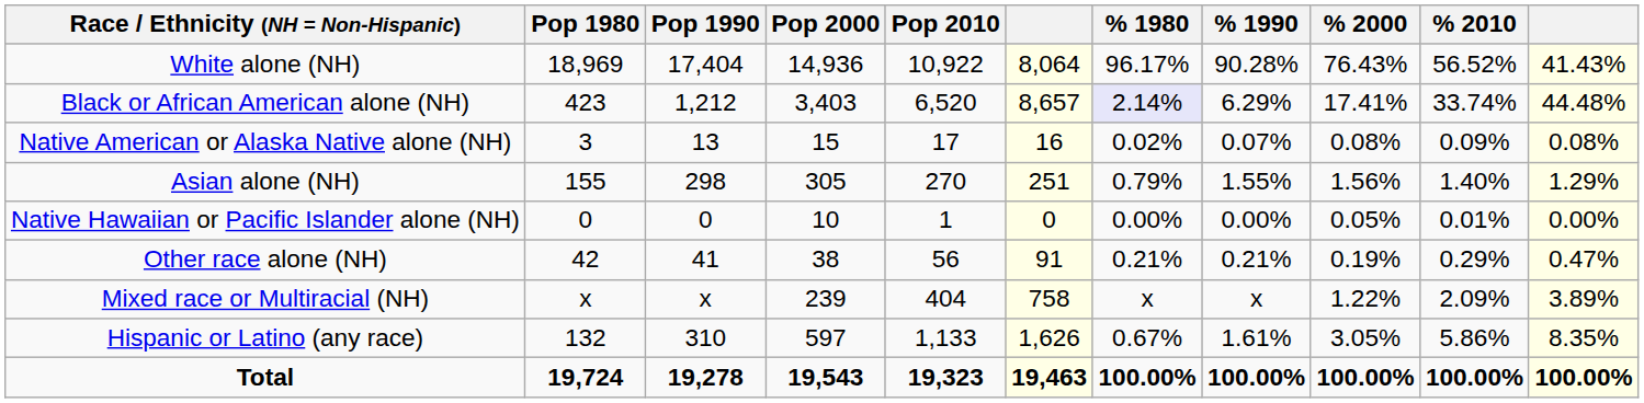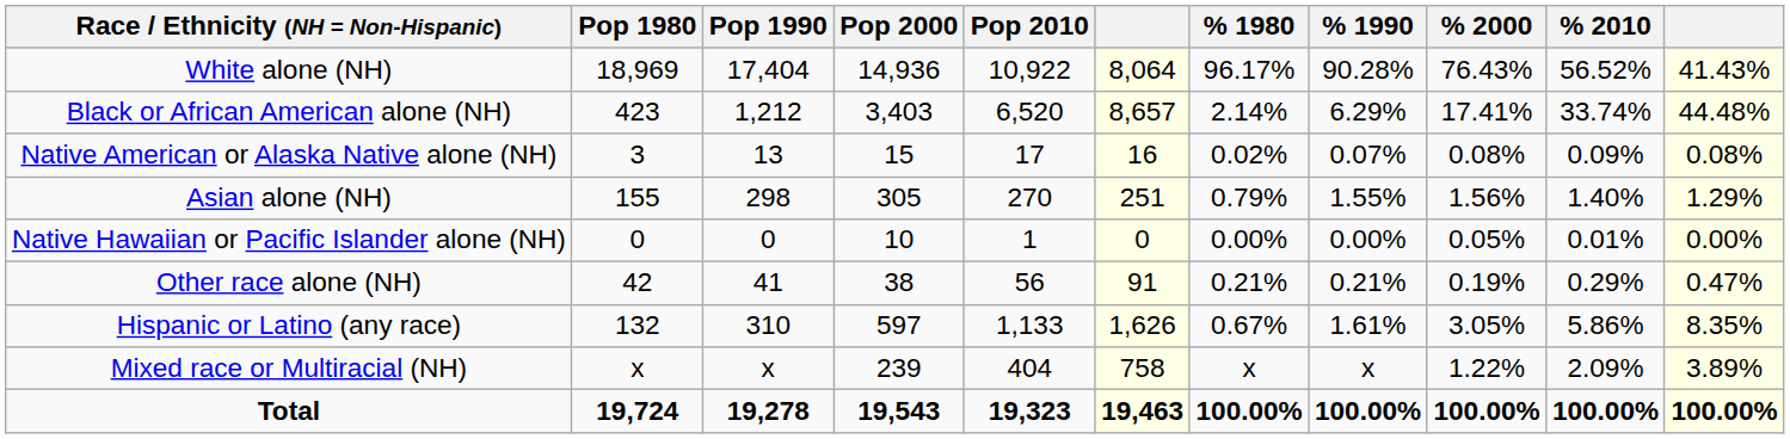 <table class="wikitable" style="text-align:center;">
 <tr>
 <th>Race / Ethnicity <small>(<em>NH = Non-Hispanic</em>)</small></th>
 <th>Pop 1980</th>
 <th>Pop 1990</th>
 <th>Pop 2000</th>
 <th>Pop 2010</th>
 <th></th>
 <th>% 1980</th>
 <th>% 1990</th>
 <th>% 2000</th>
 <th>% 2010</th>
 <th></th>
 </tr>
 <tr>
 <td><a href='#'>White</a> alone (NH)</td>
 <td>18,969</td>
 <td>17,404</td>
 <td>14,936</td>
 <td>10,922</td>
 <td style='background: #ffffe6;'>8,064</td>
 <td>96.17%</td>
 <td>90.28%</td>
 <td>76.43%</td>
 <td>56.52%</td>
 <td style='background: #ffffe6;'>41.43%</td>
 </tr>
 <tr>
 <td><a href='#'>Black or African American</a> alone (NH)</td>
 <td>423</td>
 <td>1,212</td>
 <td>3,403</td>
 <td>6,520</td>
 <td style='background: #ffffe6;'>8,657</td>
-<td style="background: lavender;">2.14%</td>
+<td>2.14%</td>
 <td>6.29%</td>
 <td>17.41%</td>
 <td>33.74%</td>
 <td style='background: #ffffe6;'>44.48%</td>
 </tr>
 <tr>
 <td><a href='#'>Native American</a> or <a href='#'>Alaska Native</a> alone (NH)</td>
 <td>3 </td>
 <td>13</td>
 <td>15</td>
 <td>17</td>
 <td style='background: #ffffe6;'>16</td>
 <td>0.02%</td>
 <td>0.07%</td>
 <td>0.08%</td>
 <td>0.09%</td>
 <td style='background: #ffffe6;'>0.08%</td>
 </tr>
 <tr>
 <td><a href='#'>Asian</a> alone (NH)</td>
 <td>155 </td>
 <td>298</td>
 <td>305</td>
 <td>270</td>
 <td style='background: #ffffe6;'>251</td>
 <td>0.79%</td>
 <td>1.55%</td>
 <td>1.56%</td>
 <td>1.40%</td>
 <td style='background: #ffffe6;'>1.29%</td>
 </tr>
 <tr>
 <td><a href='#'>Native Hawaiian</a> or <a href='#'>Pacific Islander</a> alone (NH)</td>
 <td>0 </td>
 <td>0 </td>
 <td>10</td>
 <td>1</td>
 <td style='background: #ffffe6;'>0</td>
 <td>0.00%</td>
 <td>0.00%</td>
 <td>0.05%</td>
 <td>0.01%</td>
 <td style='background: #ffffe6;'>0.00%</td>
 </tr>
 <tr>
 <td><a href='#'>Other race</a> alone (NH)</td>
 <td>42 </td>
 <td>41</td>
 <td>38</td>
 <td>56</td>
 <td style='background: #ffffe6;'>91</td>
 <td>0.21%</td>
 <td>0.21%</td>
 <td>0.19%</td>
 <td>0.29%</td>
 <td style='background: #ffffe6;'>0.47%</td>
 </tr>
 <tr>
+<td><a href='#'>Hispanic or Latino</a> (any race)</td>
+<td>132 </td>
+<td>310</td>
+<td>597</td>
+<td>1,133</td>
+<td style='background: #ffffe6;'>1,626</td>
+<td>0.67%</td>
+<td>1.61%</td>
+<td>3.05%</td>
+<td>5.86%</td>
+<td style='background: #ffffe6;'>8.35%</td>
+</tr>
+<tr>
 <td><a href='#'>Mixed race or Multiracial</a> (NH)</td>
 <td>x </td>
 <td>x </td>
 <td>239</td>
 <td>404</td>
 <td style='background: #ffffe6;'>758</td>
 <td>x</td>
 <td>x</td>
 <td>1.22%</td>
 <td>2.09%</td>
 <td style='background: #ffffe6;'>3.89%</td>
-</tr>
-<tr>
-<td><a href='#'>Hispanic or Latino</a> (any race)</td>
-<td>132 </td>
-<td>310</td>
-<td>597</td>
-<td>1,133</td>
-<td style='background: #ffffe6;'>1,626</td>
-<td>0.67%</td>
-<td>1.61%</td>
-<td>3.05%</td>
-<td>5.86%</td>
-<td style='background: #ffffe6;'>8.35%</td>
 </tr>
 <tr>
 <td><strong>Total</strong></td>
 <td><strong>19,724</strong></td>
 <td><strong>19,278</strong></td>
 <td><strong>19,543</strong></td>
 <td><strong>19,323</strong></td>
 <td style='background: #ffffe6;'><strong>19,463</strong></td>
 <td><strong>100.00%</strong></td>
 <td><strong>100.00%</strong></td>
 <td><strong>100.00%</strong></td>
 <td><strong>100.00%</strong></td>
 <td style='background: #ffffe6;'><strong>100.00%</strong></td>
 </tr>
 </table>
